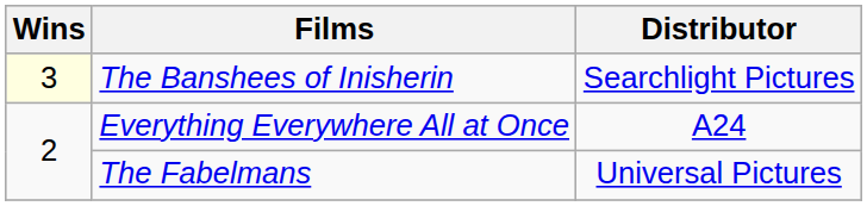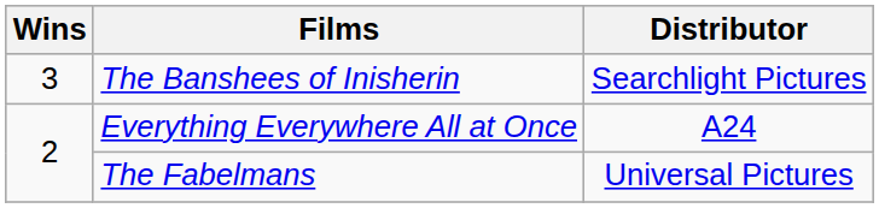 <table class="wikitable">
 <tr>
 <th>Wins</th>
 <th>Films</th>
 <th>Distributor</th>
 </tr>
 <tr>
-<td style="background: lightyellow; text-align:center">3</td>
+<td style="text-align:center">3</td>
 <td><em><a href='#'>The Banshees of Inisherin</a></em></td>
 <td style="text-align:center"><a href='#'>Searchlight Pictures</a></td>
 </tr>
 <tr>
 <td rowspan="2" style="text-align:center">2</td>
 <td><em><a href='#'>Everything Everywhere All at Once</a></em></td>
 <td style="text-align:center"><a href='#'>A24</a></td>
 </tr>
 <tr>
 <td><em><a href='#'>The Fabelmans</a></em></td>
 <td style="text-align:center"><a href='#'>Universal Pictures</a></td>
 </tr>
 </table>
